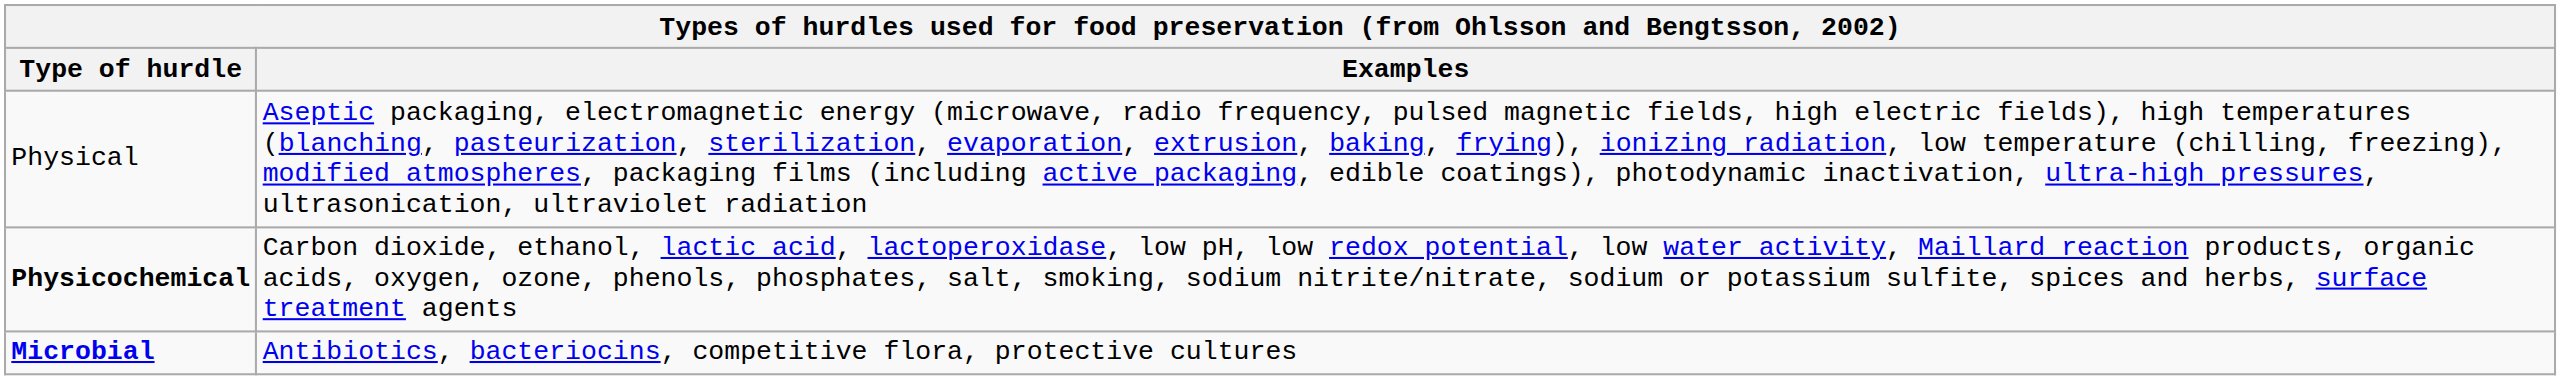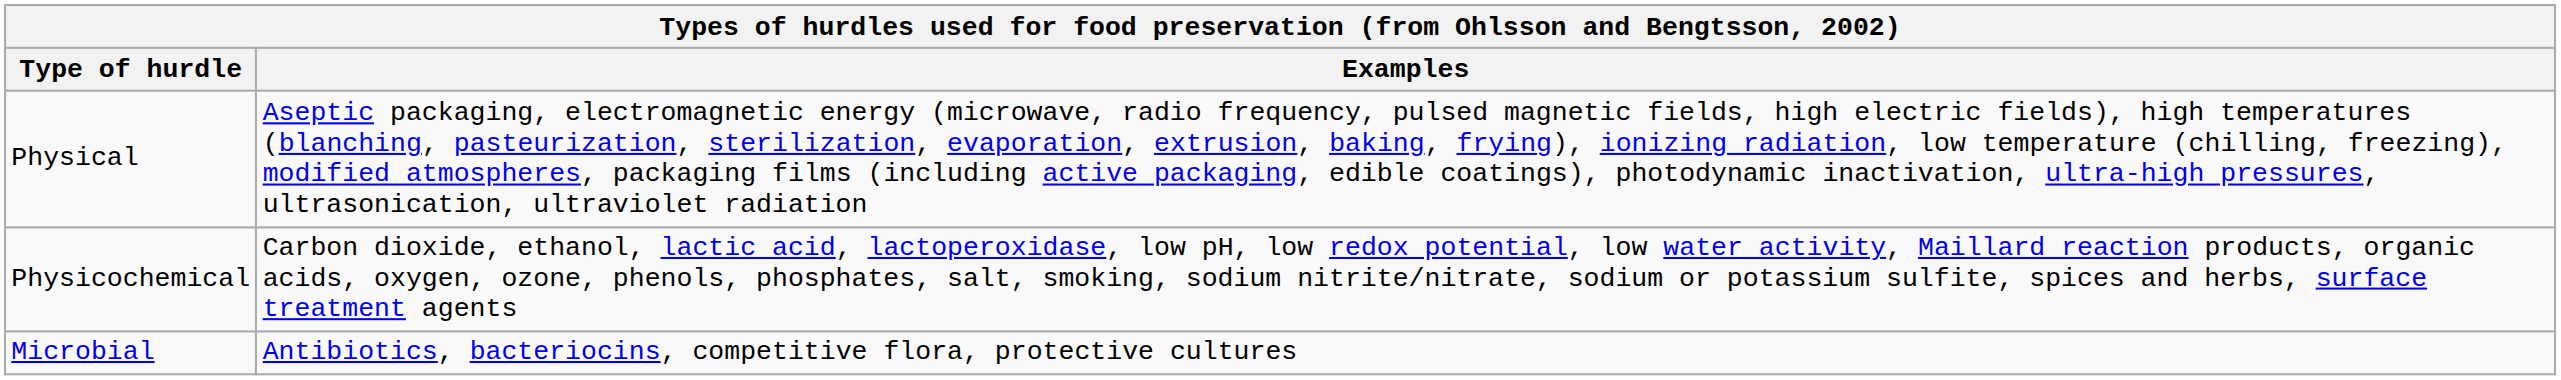 <table class="wikitable">
 <tr>
 <th colspan="3"  style="text-align:center; width:560px;">Types of hurdles used for food preservation (from Ohlsson and Bengtsson, 2002)</th>
 </tr>
 <tr>
 <th>Type of hurdle</th>
 <th>Examples</th>
 </tr>
 <tr>
 <td>Physical</td>
 <td><a href='#'>Aseptic</a> packaging, electromagnetic energy (microwave, radio frequency, pulsed magnetic fields, high electric fields), high temperatures (<a href='#'>blanching</a>, <a href='#'>pasteurization</a>, <a href='#'>sterilization</a>, <a href='#'>evaporation</a>, <a href='#'>extrusion</a>, <a href='#'>baking</a>, <a href='#'>frying</a>), <a href='#'>ionizing radiation</a>, low temperature (chilling, freezing), <a href='#'>modified atmospheres</a>, packaging films (including <a href='#'>active packaging</a>, edible coatings), photodynamic inactivation, <a href='#'>ultra-high pressures</a>, ultrasonication, ultraviolet radiation</td>
 </tr>
 <tr>
-<td><strong>Physicochemical</strong></td>
+<td>Physicochemical</td>
 <td>Carbon dioxide, ethanol, <a href='#'>lactic acid</a>, <a href='#'>lactoperoxidase</a>, low pH, low <a href='#'>redox potential</a>, low <a href='#'>water activity</a>, <a href='#'>Maillard reaction</a> products, organic acids, oxygen, ozone, phenols, phosphates, salt, smoking, sodium nitrite/nitrate, sodium or potassium sulfite, spices and herbs, <a href='#'>surface treatment</a> agents</td>
 </tr>
 <tr>
-<td><strong><a href='#'>Microbial</a></strong></td>
+<td><a href='#'>Microbial</a></td>
 <td><a href='#'>Antibiotics</a>, <a href='#'>bacteriocins</a>, competitive flora, protective cultures</td>
 </tr>
 </table>
